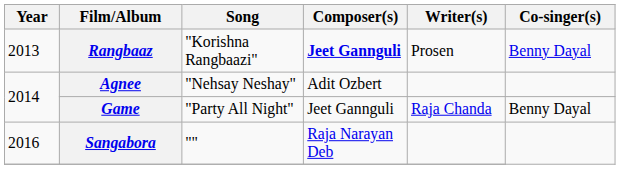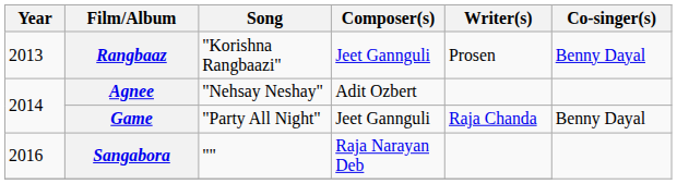 <table class="wikitable plainrowheaders" width="100%" textcolor:#000;">
 <tr>
 <th scope="col" width=9%><strong>Year</strong></th>
 <th scope="col" width=20%><strong>Film/Album</strong></th>
 <th scope="col" width=20%><strong>Song</strong></th>
 <th scope="col" width=17%><strong>Composer(s)</strong></th>
 <th scope="col" width=16%><strong>Writer(s)</strong></th>
 <th scope="col" width=18%><strong>Co-singer(s)</strong></th>
 </tr>
 <tr>
 <td>2013</td>
 <th scope="row"><em><a href='#'>Rangbaaz</a></em></th>
 <td>"Korishna Rangbaazi"</td>
-<td><strong><a href='#'>Jeet Gannguli</a></strong></td>
+<td><a href='#'>Jeet Gannguli</a></td>
 <td>Prosen</td>
 <td><a href='#'>Benny Dayal</a></td>
 </tr>
 <tr>
 <td rowspan="2">2014</td>
 <th scope="row"><em><a href='#'>Agnee</a> </em></th>
 <td>"Nehsay Neshay"</td>
 <td>Adit Ozbert</td>
 <td></td>
 <td></td>
 </tr>
 <tr>
 <th scope="row"><em><a href='#'>Game</a></em></th>
 <td>"Party All Night"</td>
 <td>Jeet Gannguli</td>
 <td><a href='#'>Raja Chanda</a></td>
 <td>Benny Dayal</td>
 </tr>
 <tr>
 <td>2016</td>
 <th scope="row"><em><a href='#'>Sangabora</a></em></th>
 <td>""</td>
 <td><a href='#'>Raja Narayan Deb</a></td>
 <td></td>
 </tr>
 <tr>
 </tr>
 </table>
